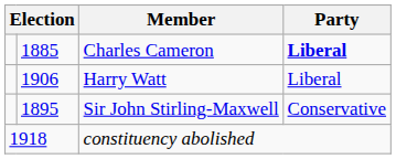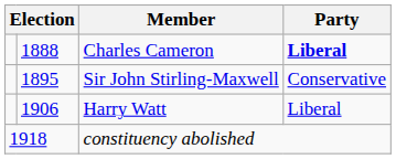 <table class="wikitable">
 <tr>
 <th colspan="2">Election</th>
 <th>Member</th>
 <th>Party</th>
 </tr>
 <tr>
 <td style="color:inherit;background-color: "></td>
-<td><a href='#'>1885</a></td>
+<td><a href='#'>1888</a></td>
 <td><a href='#'>Charles Cameron</a></td>
 <td><strong><a href='#'>Liberal</a></strong></td>
+</tr>
+<tr>
+<td style="color:inherit;background-color: "></td>
+<td><a href='#'>1895</a></td>
+<td><a href='#'>Sir John Stirling-Maxwell</a></td>
+<td><a href='#'>Conservative</a></td>
 </tr>
 <tr>
 <td style="color:inherit;background-color: "></td>
 <td><a href='#'>1906</a></td>
 <td><a href='#'>Harry Watt</a></td>
 <td><a href='#'>Liberal</a></td>
 </tr>
 <tr>
-<td style="color:inherit;background-color: "></td>
-<td><a href='#'>1895</a></td>
-<td><a href='#'>Sir John Stirling-Maxwell</a></td>
-<td><a href='#'>Conservative</a></td>
-</tr>
-<tr>
 <td colspan="2"><a href='#'>1918</a></td>
 <td colspan="2"><em>constituency abolished</em></td>
 </tr>
 </table>
